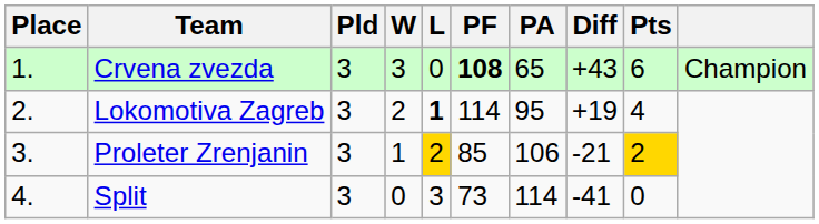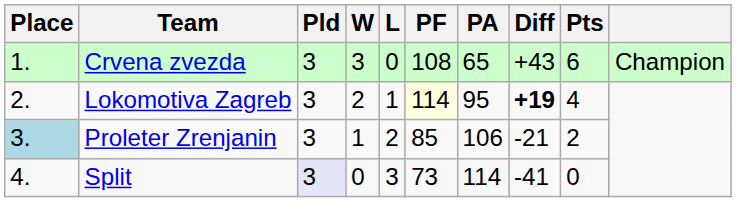 <table class="wikitable">
 <tr>
 <th>Place</th>
 <th>Team</th>
 <th>Pld</th>
 <th>W</th>
 <th>L</th>
 <th>PF</th>
 <th>PA</th>
 <th>Diff</th>
 <th>Pts</th>
 <th></th>
 </tr>
 <tr bgcolor=#ccffcc>
 <td>1.</td>
 <td><a href='#'>Crvena zvezda</a></td>
 <td>3</td>
 <td>3</td>
 <td>0</td>
-<td><strong>108</strong></td>
+<td>108</td>
 <td>65</td>
 <td>+43</td>
 <td>6</td>
 <td rowspan="1">Champion</td>
 </tr>
 <tr>
 <td>2.</td>
 <td><a href='#'>Lokomotiva Zagreb</a></td>
 <td>3</td>
 <td>2</td>
-<td><strong>1</strong></td>
-<td>114</td>
+<td>1</td>
+<td style="background: lightyellow;">114</td>
 <td>95</td>
-<td>+19</td>
+<td><strong>+19</strong></td>
 <td>4</td>
 <td rowspan="5"></td>
 </tr>
 <tr>
-<td>3.</td>
+<td style="background: lightblue;">3.</td>
 <td><a href='#'>Proleter Zrenjanin</a></td>
 <td>3</td>
 <td>1</td>
-<td style="background: gold;">2</td>
+<td>2</td>
 <td>85</td>
 <td>106</td>
 <td>-21</td>
-<td style="background: gold;">2</td>
+<td>2</td>
 </tr>
 <tr>
 <td>4.</td>
 <td><a href='#'>Split</a></td>
-<td>3</td>
+<td style="background: lavender;">3</td>
 <td>0</td>
 <td>3</td>
 <td>73</td>
 <td>114</td>
 <td>-41</td>
 <td>0</td>
 </tr>
 </table>
